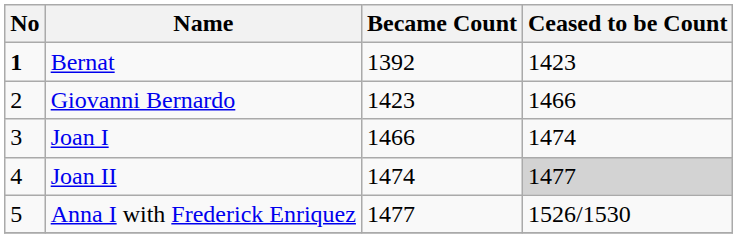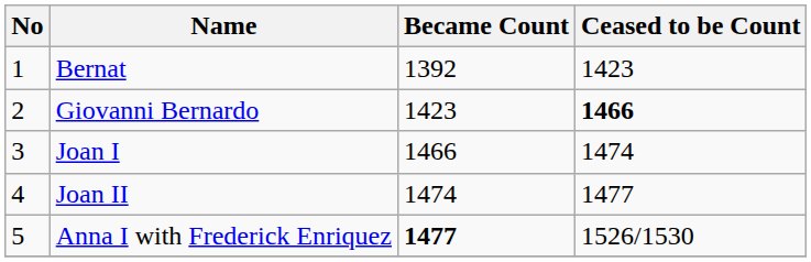 <table class="wikitable sortable">
 <tr>
 <th>No</th>
 <th>Name</th>
 <th>Became Count</th>
 <th>Ceased to be Count</th>
 </tr>
 <tr>
-<td><strong>1</strong></td>
+<td>1</td>
 <td><a href='#'>Bernat</a></td>
 <td>1392</td>
 <td>1423</td>
 </tr>
 <tr>
 <td>2</td>
 <td><a href='#'>Giovanni Bernardo</a></td>
 <td>1423</td>
-<td>1466</td>
+<td><strong>1466</strong></td>
 </tr>
 <tr>
 <td>3</td>
 <td><a href='#'>Joan I</a></td>
 <td>1466</td>
 <td>1474</td>
 </tr>
 <tr>
 <td>4</td>
 <td><a href='#'>Joan II</a></td>
 <td>1474</td>
-<td style="background: lightgrey;">1477</td>
+<td>1477</td>
 </tr>
 <tr>
 <td>5</td>
 <td><a href='#'>Anna I</a> with <a href='#'>Frederick Enriquez</a></td>
-<td>1477</td>
+<td><strong>1477</strong></td>
 <td>1526/1530</td>
 </tr>
 <tr>
 </tr>
 </table>
